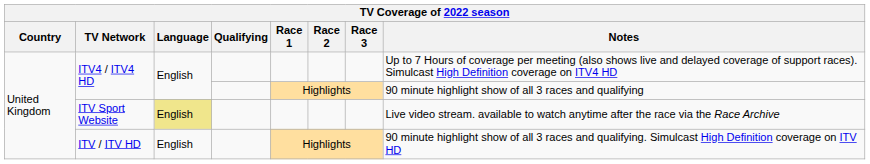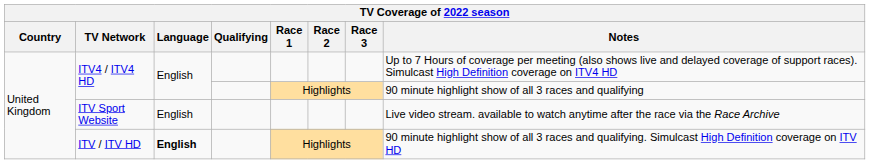 <table class="wikitable collapsible" style="align:left">
 <tr>
 <th colspan=8 style="text-align:center">TV Coverage of <a href='#'>2022 season</a></th>
 </tr>
 <tr>
 <th>Country</th>
 <th>TV Network</th>
 <th>Language</th>
 <th>Qualifying</th>
 <th>Race 1</th>
 <th>Race 2</th>
 <th>Race 3</th>
 <th>Notes</th>
 </tr>
 <tr>
 <td rowspan=4> United Kingdom</td>
 <td rowspan=2><a href='#'>ITV4</a> / <a href='#'>ITV4 HD</a></td>
 <td rowspan=2>English</td>
 <td></td>
 <td></td>
 <td></td>
 <td></td>
 <td>Up to 7 Hours of coverage per meeting (also shows live and delayed coverage of support races). Simulcast <a href='#'>High Definition</a> coverage on <a href='#'>ITV4 HD</a></td>
 </tr>
 <tr>
 <td></td>
 <td colspan=3 style="background:#FFDF9F; text-align:center">Highlights</td>
 <td>90 minute highlight show of all 3 races and qualifying</td>
 </tr>
 <tr>
 <td><a href='#'>ITV Sport Website</a></td>
-<td style="background: khaki;">English</td>
+<td>English</td>
 <td></td>
 <td></td>
 <td></td>
 <td></td>
 <td>Live video stream.  available to watch anytime after the race via the <em>Race Archive</em></td>
 </tr>
 <tr>
 <td><a href='#'>ITV</a> / <a href='#'>ITV HD</a></td>
-<td>English</td>
+<td><strong>English</strong></td>
 <td></td>
 <td colspan=3 style="background:#FFDF9F; text-align:center">Highlights</td>
 <td>90 minute highlight show of all 3 races and qualifying. Simulcast <a href='#'>High Definition</a> coverage on <a href='#'>ITV HD</a></td>
 </tr>
 </table>
